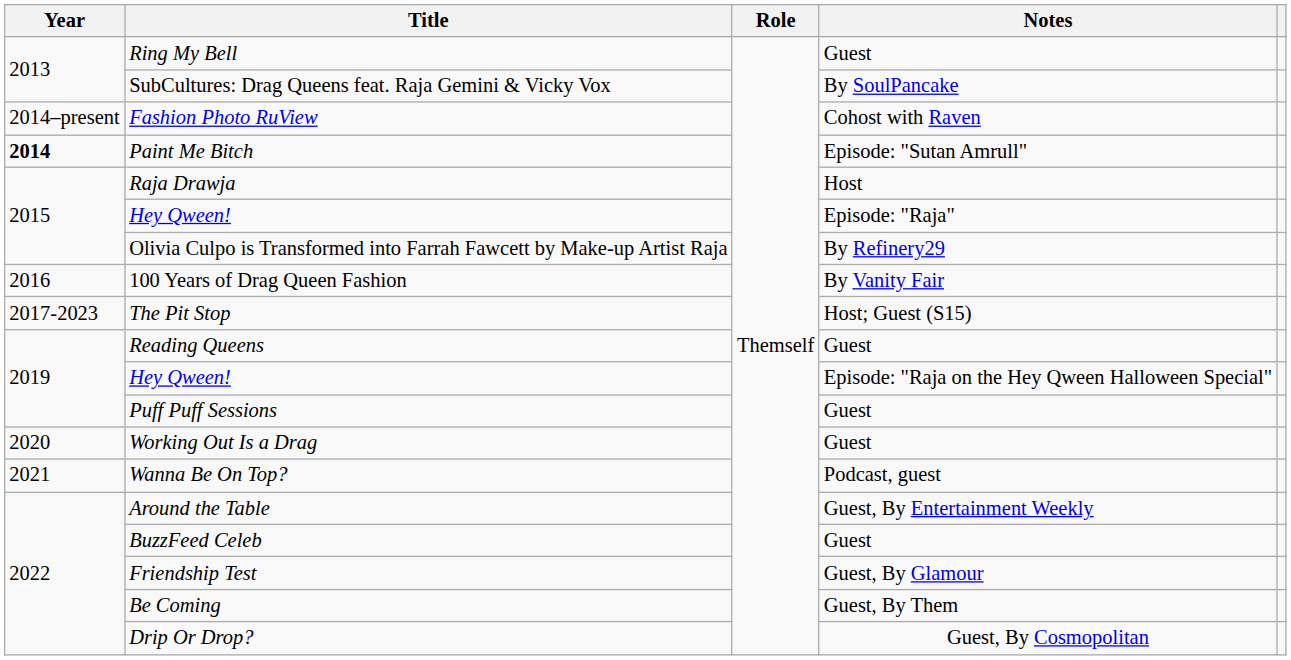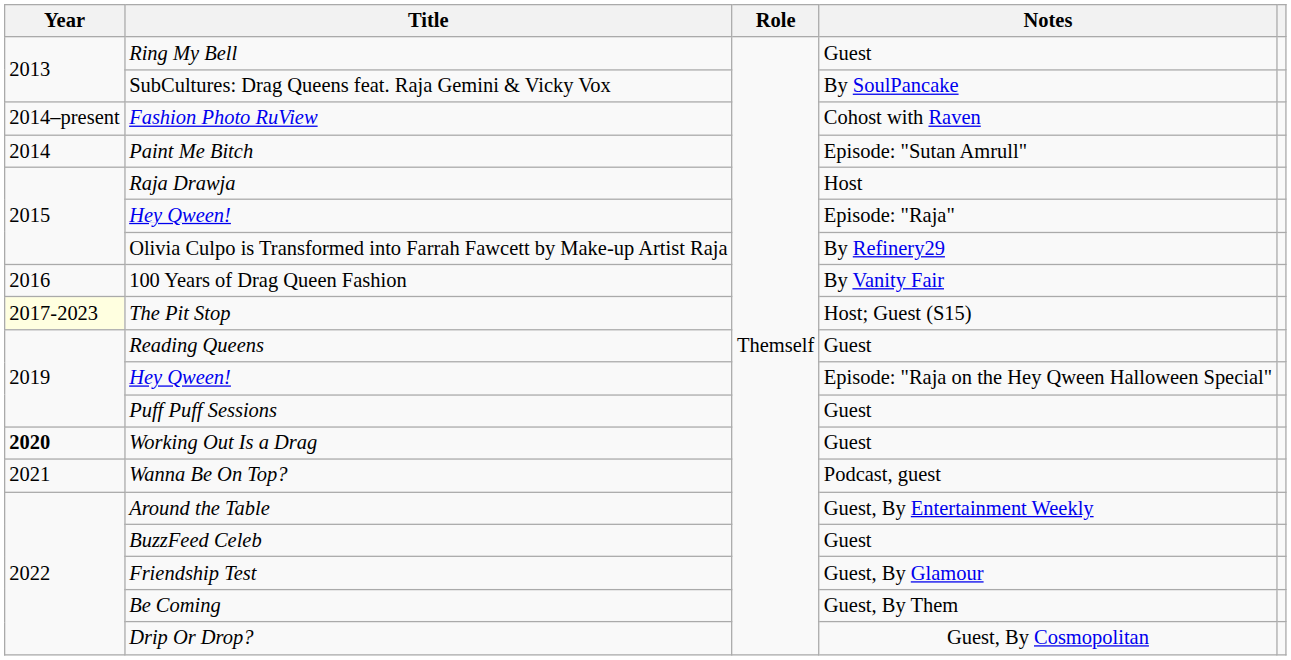 <table class="wikitable plainrowheaders" style="text-align:left;">
 <tr>
 <th>Year</th>
 <th>Title</th>
 <th>Role</th>
 <th>Notes</th>
 <th></th>
 </tr>
 <tr>
 <td rowspan="2">2013</td>
 <td><em>Ring My Bell</em></td>
 <td rowspan="19">Themself</td>
 <td>Guest</td>
 <td style="text-align: center;"></td>
 </tr>
 <tr>
 <td>SubCultures: Drag Queens feat. Raja Gemini & Vicky Vox</td>
 <td>By <a href='#'>SoulPancake</a></td>
 <td style="text-align: center;"></td>
 </tr>
 <tr>
 <td>2014–present</td>
 <td><em><a href='#'>Fashion Photo RuView</a></em></td>
 <td>Cohost with <a href='#'>Raven</a></td>
 <td style="text-align: center;"></td>
 </tr>
 <tr>
-<td><strong>2014</strong></td>
+<td>2014</td>
 <td><em>Paint Me Bitch</em></td>
 <td>Episode: "Sutan Amrull"</td>
 <td style="text-align: center;"></td>
 </tr>
 <tr>
 <td rowspan="3">2015</td>
 <td><em>Raja Drawja</em></td>
 <td>Host</td>
 <td style="text-align: center;"></td>
 </tr>
 <tr>
 <td><em><a href='#'>Hey Qween!</a></em></td>
 <td>Episode: "Raja"</td>
 <td style="text-align: center;"></td>
 </tr>
 <tr>
 <td>Olivia Culpo is Transformed into Farrah Fawcett by Make-up Artist Raja</td>
 <td>By <a href='#'>Refinery29</a></td>
 <td style="text-align: center;"></td>
 </tr>
 <tr>
 <td>2016</td>
 <td>100 Years of Drag Queen Fashion</td>
 <td>By <a href='#'>Vanity Fair</a></td>
 <td style="text-align: center;"></td>
 </tr>
 <tr>
-<td>2017-2023</td>
+<td style="background: lightyellow;">2017-2023</td>
 <td><em>The Pit Stop</em></td>
 <td>Host; Guest (S15)</td>
 <td style="text-align: center;"></td>
 </tr>
 <tr>
 <td rowspan="3">2019</td>
 <td><em>Reading Queens</em></td>
 <td>Guest</td>
 <td style="text-align: center;"></td>
 </tr>
 <tr>
 <td><em><a href='#'>Hey Qween!</a></em></td>
 <td>Episode: "Raja on the Hey Qween Halloween Special"</td>
 <td style="text-align: center;"></td>
 </tr>
 <tr>
 <td><em>Puff Puff Sessions</em></td>
 <td>Guest</td>
 <td style="text-align: center;"></td>
 </tr>
 <tr>
-<td>2020</td>
+<td><strong>2020</strong></td>
 <td><em>Working Out Is a Drag</em></td>
 <td>Guest</td>
 <td style="text-align: center;"></td>
 </tr>
 <tr>
 <td>2021</td>
 <td><em>Wanna Be On Top?</em></td>
 <td>Podcast, guest</td>
 <td style="text-align: center;"></td>
 </tr>
 <tr>
 <td rowspan="5">2022</td>
 <td><em>Around the Table</em></td>
 <td>Guest, By <a href='#'>Entertainment Weekly</a></td>
 <td style="text-align: center;"></td>
 </tr>
 <tr>
 <td><em>BuzzFeed Celeb</em></td>
 <td>Guest</td>
 <td style="text-align: center;"></td>
 </tr>
 <tr>
 <td><em>Friendship Test</em></td>
 <td>Guest, By <a href='#'>Glamour</a></td>
 <td style="text-align: center;"></td>
 </tr>
 <tr>
 <td><em>Be Coming</em></td>
 <td>Guest, By Them</td>
 <td style="text-align: center;"></td>
 </tr>
 <tr>
 <td><em>Drip Or Drop?</em></td>
 <td style="text-align: center;">Guest, By <a href='#'>Cosmopolitan</a></td>
 <td></td>
 </tr>
 </table>
